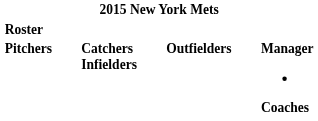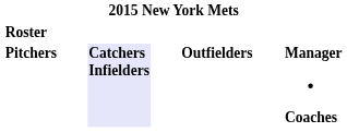 <table class="toccolours" style="font-size: 95%;">
 <tr>
 <th colspan="10">2015 New York Mets</th>
 </tr>
 <tr>
 <td colspan="10"><strong>Roster</strong></td>
 </tr>
 <tr>
 <td valign="top"><strong>Pitchers</strong><br>                         </td>
 <td width="25px"></td>
-<td valign="top"><strong>Catchers</strong><br>    <strong>Infielders</strong>          </td>
+<td valign="top" style="background: lavender;"><strong>Catchers</strong><br>    <strong>Infielders</strong>          </td>
 <td width="25px"></td>
 <td valign="top"><strong>Outfielders</strong><br>        </td>
 <td width="25px"></td>
 <td valign="top"><strong>Manager</strong><br><ul><li></li></ul><strong>Coaches</strong>                  </td>
 </tr>
 </table>
